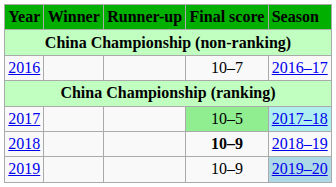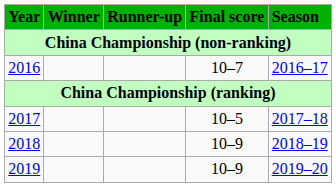 <table class="wikitable" style="margin: auto">
 <tr>
 <th style="text-align:center; background:#00af00;">Year</th>
 <th style="text-align:left; background:#00af00;">Winner</th>
 <th style="text-align:left; background:#00af00;">Runner-up</th>
 <th style="text-align:left; background:#00af00;">Final score</th>
 <th style="text-align:left; background:#00af00;">Season</th>
 </tr>
 <tr>
 <th colspan="5" style="text-align:center; background:#c0ffc0;">China Championship (non-ranking)</th>
 </tr>
 <tr>
 <td><a href='#'>2016</a></td>
 <td></td>
 <td></td>
 <td style="text-align: center">10–7</td>
 <td><a href='#'>2016–17</a></td>
 </tr>
 <tr>
 <th colspan="5" style="text-align:center; background:#c0ffc0;">China Championship (ranking)</th>
 </tr>
 <tr>
 <td><a href='#'>2017</a></td>
 <td></td>
 <td></td>
-<td style="background: lightgreen; text-align: center">10–5</td>
-<td style="background: paleturquoise;"><a href='#'>2017–18</a></td>
+<td style="text-align: center">10–5</td>
+<td><a href='#'>2017–18</a></td>
 </tr>
 <tr>
 <td><a href='#'>2018</a></td>
 <td></td>
 <td></td>
-<td style="text-align: center"><strong>10–9</strong></td>
+<td style="text-align: center">10–9</td>
 <td><a href='#'>2018–19</a></td>
 </tr>
 <tr>
 <td><a href='#'>2019</a></td>
 <td></td>
 <td></td>
 <td style="text-align: center">10–9</td>
-<td style="background: lightblue;"><a href='#'>2019–20</a></td>
+<td><a href='#'>2019–20</a></td>
 </tr>
 </table>
